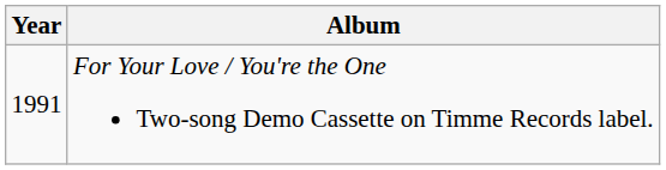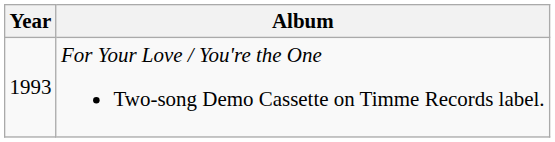 <table class="wikitable">
 <tr>
 <th>Year</th>
 <th>Album</th>
 </tr>
 <tr>
-<td>1991</td>
+<td>1993</td>
 <td><em>For Your Love / You're the One</em><br><ul><li>Two-song Demo Cassette on Timme Records label.</li></ul></td>
 </tr>
 </table>
